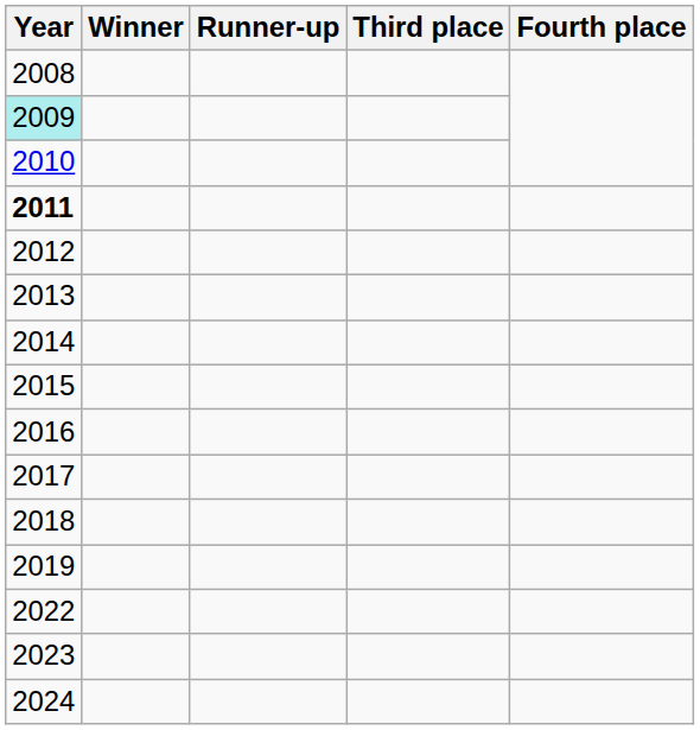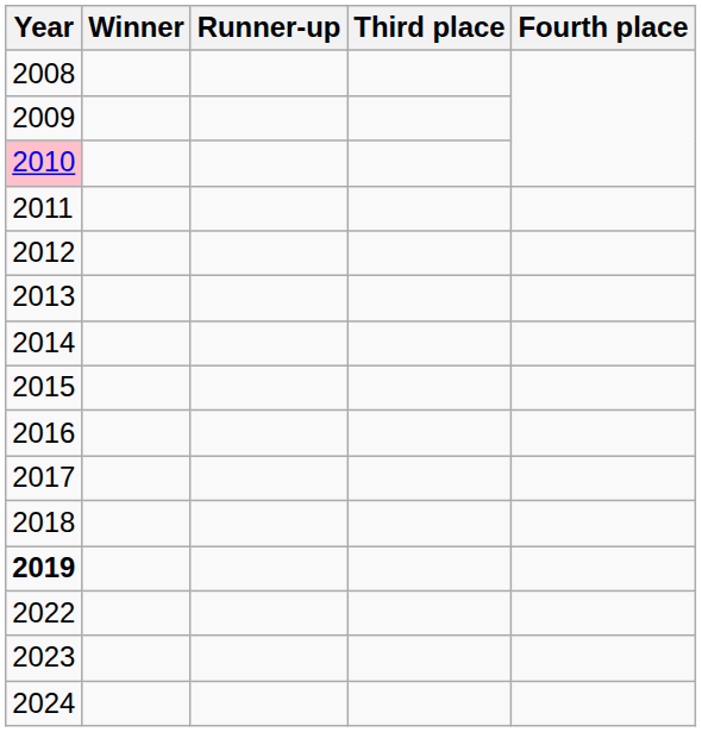 <table class="wikitable">
 <tr>
 <th>Year</th>
 <th>Winner</th>
 <th>Runner-up</th>
 <th>Third place</th>
 <th>Fourth place</th>
 </tr>
 <tr align=left>
 <td>2008</td>
 <td></td>
 <td></td>
 <td></td>
 <td rowspan=3></td>
 </tr>
 <tr align=left>
-<td style="background: paleturquoise;">2009</td>
+<td>2009</td>
 <td></td>
 <td></td>
 <td></td>
 </tr>
 <tr align=left>
-<td><a href='#'>2010</a></td>
+<td style="background: pink;"><a href='#'>2010</a></td>
 <td></td>
 <td></td>
 <td></td>
 </tr>
 <tr align=left>
-<td><strong>2011</strong></td>
+<td>2011</td>
 <td></td>
 <td></td>
 <td></td>
 <td></td>
 </tr>
 <tr align=left>
 <td>2012</td>
 <td></td>
 <td></td>
 <td></td>
 <td></td>
 </tr>
 <tr align=left>
 <td>2013</td>
 <td></td>
 <td></td>
 <td></td>
 <td></td>
 </tr>
 <tr align=left>
 <td>2014</td>
 <td></td>
 <td></td>
 <td></td>
 <td></td>
 </tr>
 <tr align=left>
 <td>2015</td>
 <td></td>
 <td></td>
 <td></td>
 <td></td>
 </tr>
 <tr align=left>
 <td>2016</td>
 <td></td>
 <td></td>
 <td></td>
 <td></td>
 </tr>
 <tr align=left>
 <td>2017</td>
 <td></td>
 <td></td>
 <td></td>
 <td></td>
 </tr>
 <tr align=left>
 <td>2018</td>
 <td></td>
 <td></td>
 <td></td>
 <td></td>
 </tr>
 <tr align=left>
-<td>2019</td>
+<td><strong>2019</strong></td>
 <td></td>
 <td></td>
 <td></td>
 <td></td>
 </tr>
 <tr align=left>
 <td>2022</td>
 <td></td>
 <td></td>
 <td></td>
 <td></td>
 </tr>
 <tr align=left>
 <td>2023</td>
 <td></td>
 <td></td>
 <td></td>
 <td></td>
 </tr>
 <tr align=left>
 <td>2024</td>
 <td></td>
 <td></td>
 <td></td>
 <td></td>
 </tr>
 </table>
